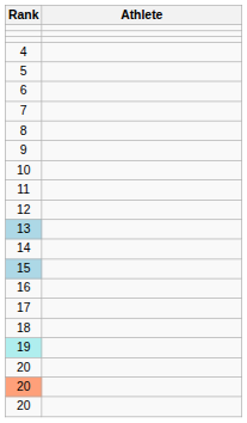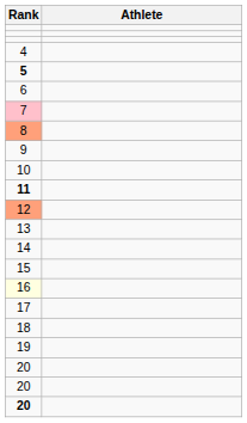 <table class="wikitable" style="text-align: center;">
 <tr>
 <th width=40>Rank</th>
 <th width=250>Athlete</th>
 </tr>
 <tr>
 <td></td>
 <td align="left"></td>
 </tr>
 <tr>
 <td></td>
 <td align="left"></td>
 </tr>
 <tr>
 <td></td>
 <td align="left"></td>
 </tr>
 <tr>
 <td>4</td>
 <td align="left"></td>
 </tr>
 <tr>
-<td>5</td>
+<td><strong>5</strong></td>
 <td align="left"></td>
 </tr>
 <tr>
 <td>6</td>
 <td align="left"></td>
 </tr>
 <tr>
-<td>7</td>
+<td style="background: pink;">7</td>
 <td align="left"></td>
 </tr>
 <tr>
-<td>8</td>
+<td style="background: lightsalmon;">8</td>
 <td align="left"></td>
 </tr>
 <tr>
 <td>9</td>
 <td align="left"></td>
 </tr>
 <tr>
 <td>10</td>
 <td align="left"></td>
 </tr>
 <tr>
-<td>11</td>
+<td><strong>11</strong></td>
 <td align="left"></td>
 </tr>
 <tr>
-<td>12</td>
+<td style="background: lightsalmon;">12</td>
 <td align="left"></td>
 </tr>
 <tr>
-<td style="background: lightblue;">13</td>
+<td>13</td>
 <td align="left"></td>
 </tr>
 <tr>
 <td>14</td>
 <td align="left"></td>
 </tr>
 <tr>
-<td style="background: lightblue;">15</td>
+<td>15</td>
 <td align="left"></td>
 </tr>
 <tr>
-<td>16</td>
+<td style="background: lightyellow;">16</td>
 <td align="left"></td>
 </tr>
 <tr>
 <td>17</td>
 <td align="left"></td>
 </tr>
 <tr>
 <td>18</td>
 <td align="left"></td>
 </tr>
 <tr>
-<td style="background: paleturquoise;">19</td>
+<td>19</td>
 <td align="left"></td>
 </tr>
 <tr>
 <td>20</td>
 <td align="left"></td>
 </tr>
 <tr>
-<td style="background: lightsalmon;">20</td>
+<td>20</td>
 <td align="left"></td>
 </tr>
 <tr>
-<td>20</td>
+<td><strong>20</strong></td>
 <td align="left"></td>
 </tr>
 </table>
